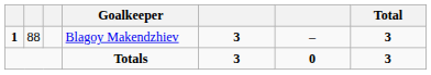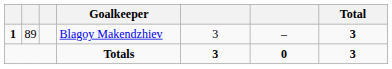 <table class="wikitable" style="font-size: 95%; text-align: center;">
 <tr>
 <th width=15></th>
 <th width=15></th>
 <th width=15></th>
 <th width=150>Goalkeeper</th>
 <th width=80></th>
 <th width=80></th>
 <th width=80>Total</th>
 </tr>
 <tr>
 <td><strong>1</strong></td>
-<td>88</td>
+<td>89</td>
 <td></td>
 <td style="text-align:left;"><a href='#'>Blagoy Makendzhiev</a></td>
-<td><strong>3</strong></td>
+<td>3</td>
 <td>–</td>
 <td><strong>3</strong></td>
 </tr>
 <tr>
 <td colspan="3"></td>
 <td><strong>Totals</strong></td>
 <td><strong>3</strong></td>
 <td><strong>0</strong></td>
 <td><strong>3</strong></td>
 </tr>
 </table>
